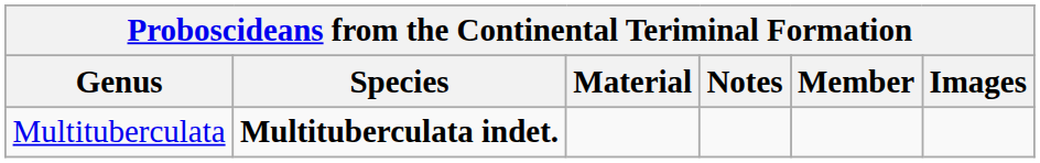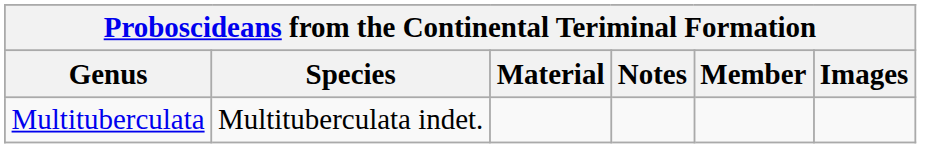 <table class="wikitable">
 <tr>
 <th colspan="6"><strong><a href='#'>Proboscideans</a> from the Continental Teriminal Formation</strong></th>
 </tr>
 <tr>
 <th>Genus</th>
 <th>Species</th>
 <th>Material</th>
 <th>Notes</th>
 <th>Member</th>
 <th>Images</th>
 </tr>
 <tr>
 <td><a href='#'>Multituberculata</a></td>
-<td><strong>Multituberculata indet.</strong></td>
+<td>Multituberculata indet.</td>
 <td></td>
 <td></td>
 <td></td>
 </tr>
 </table>
